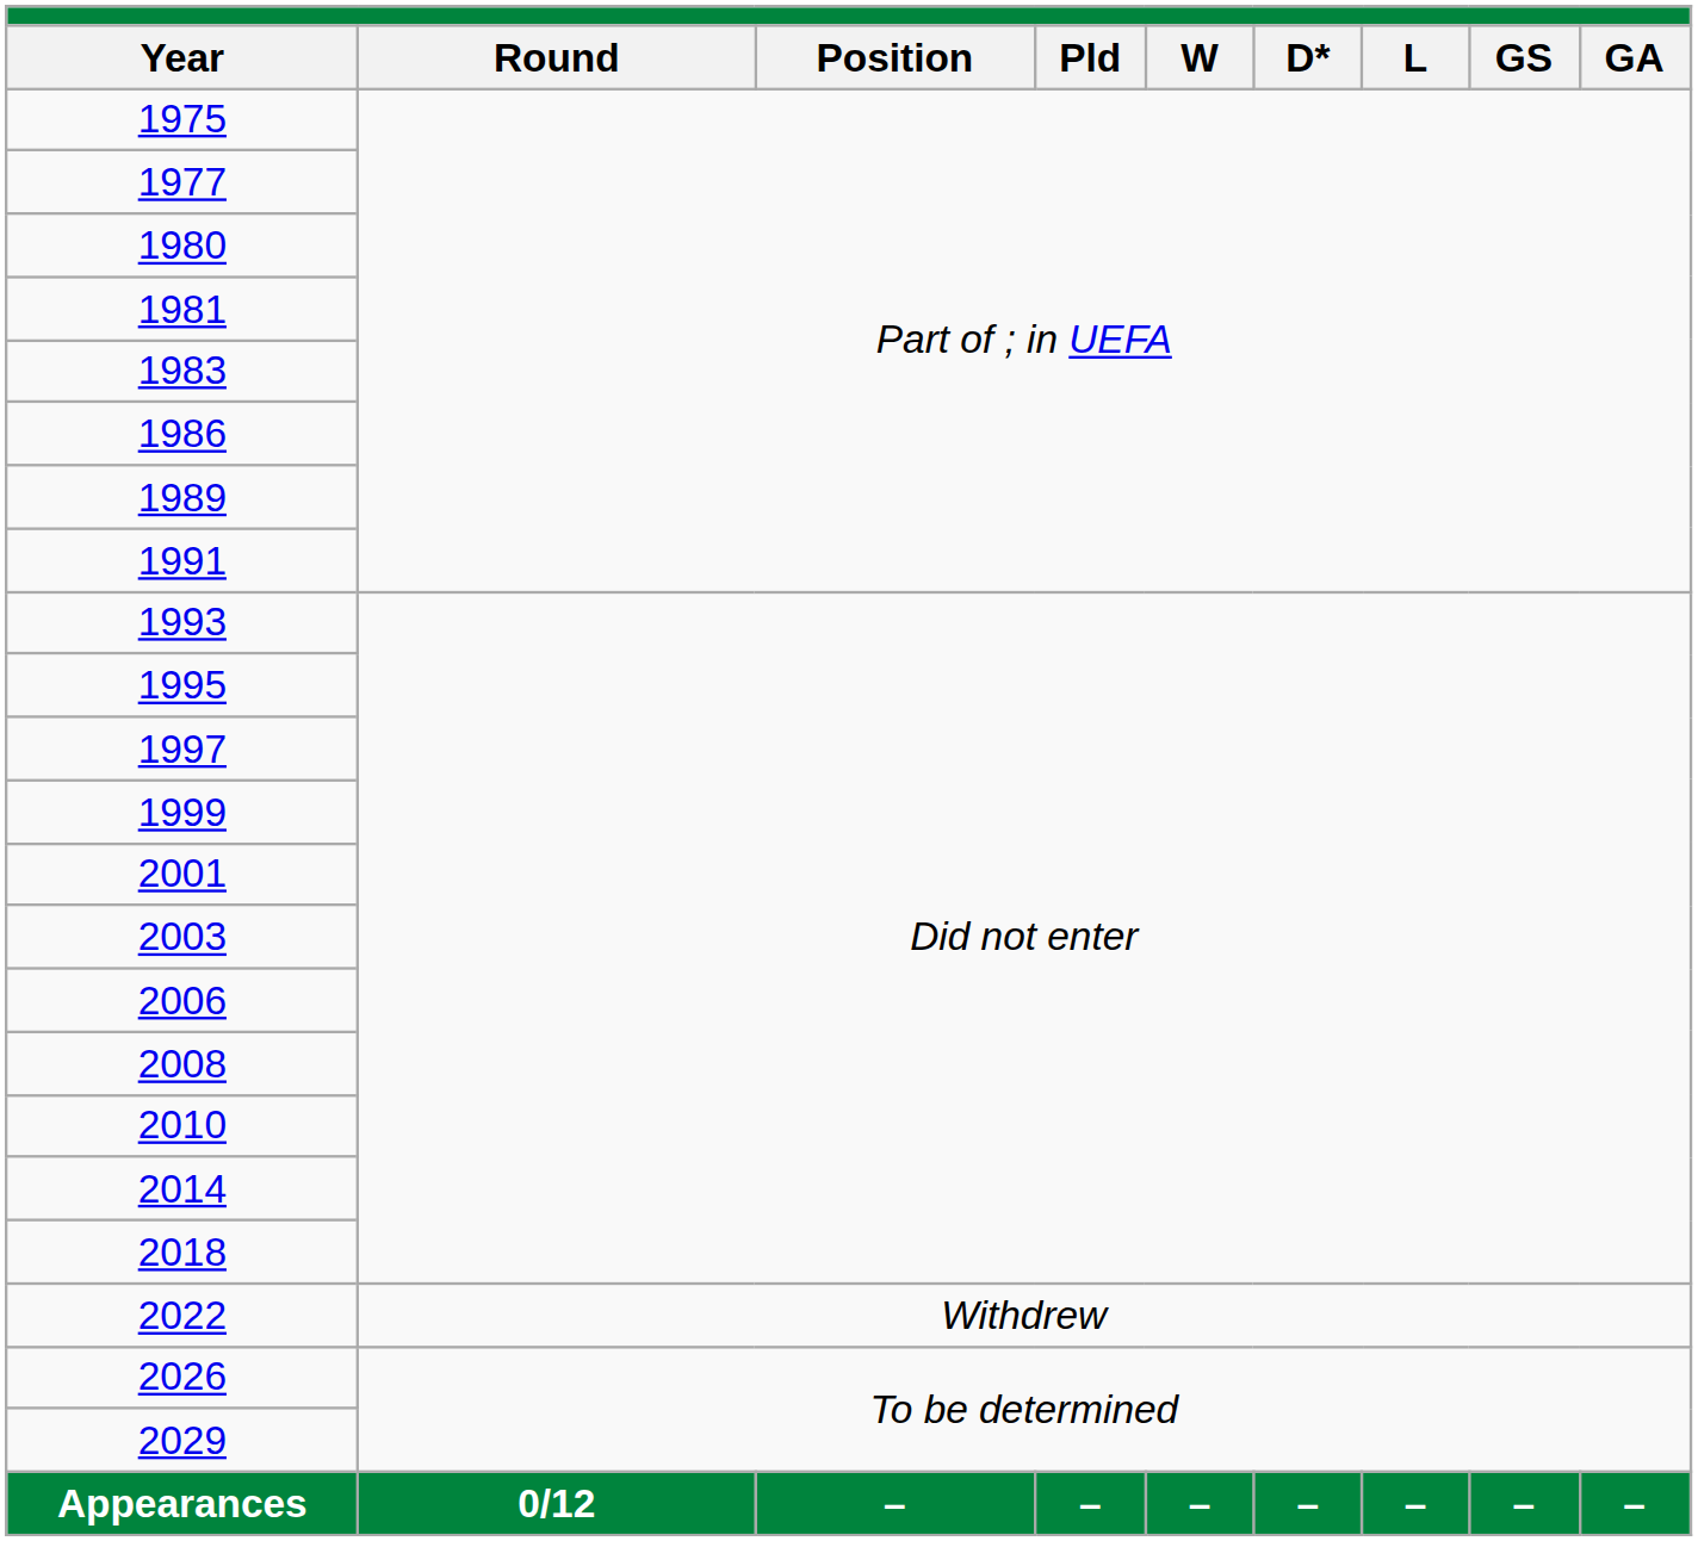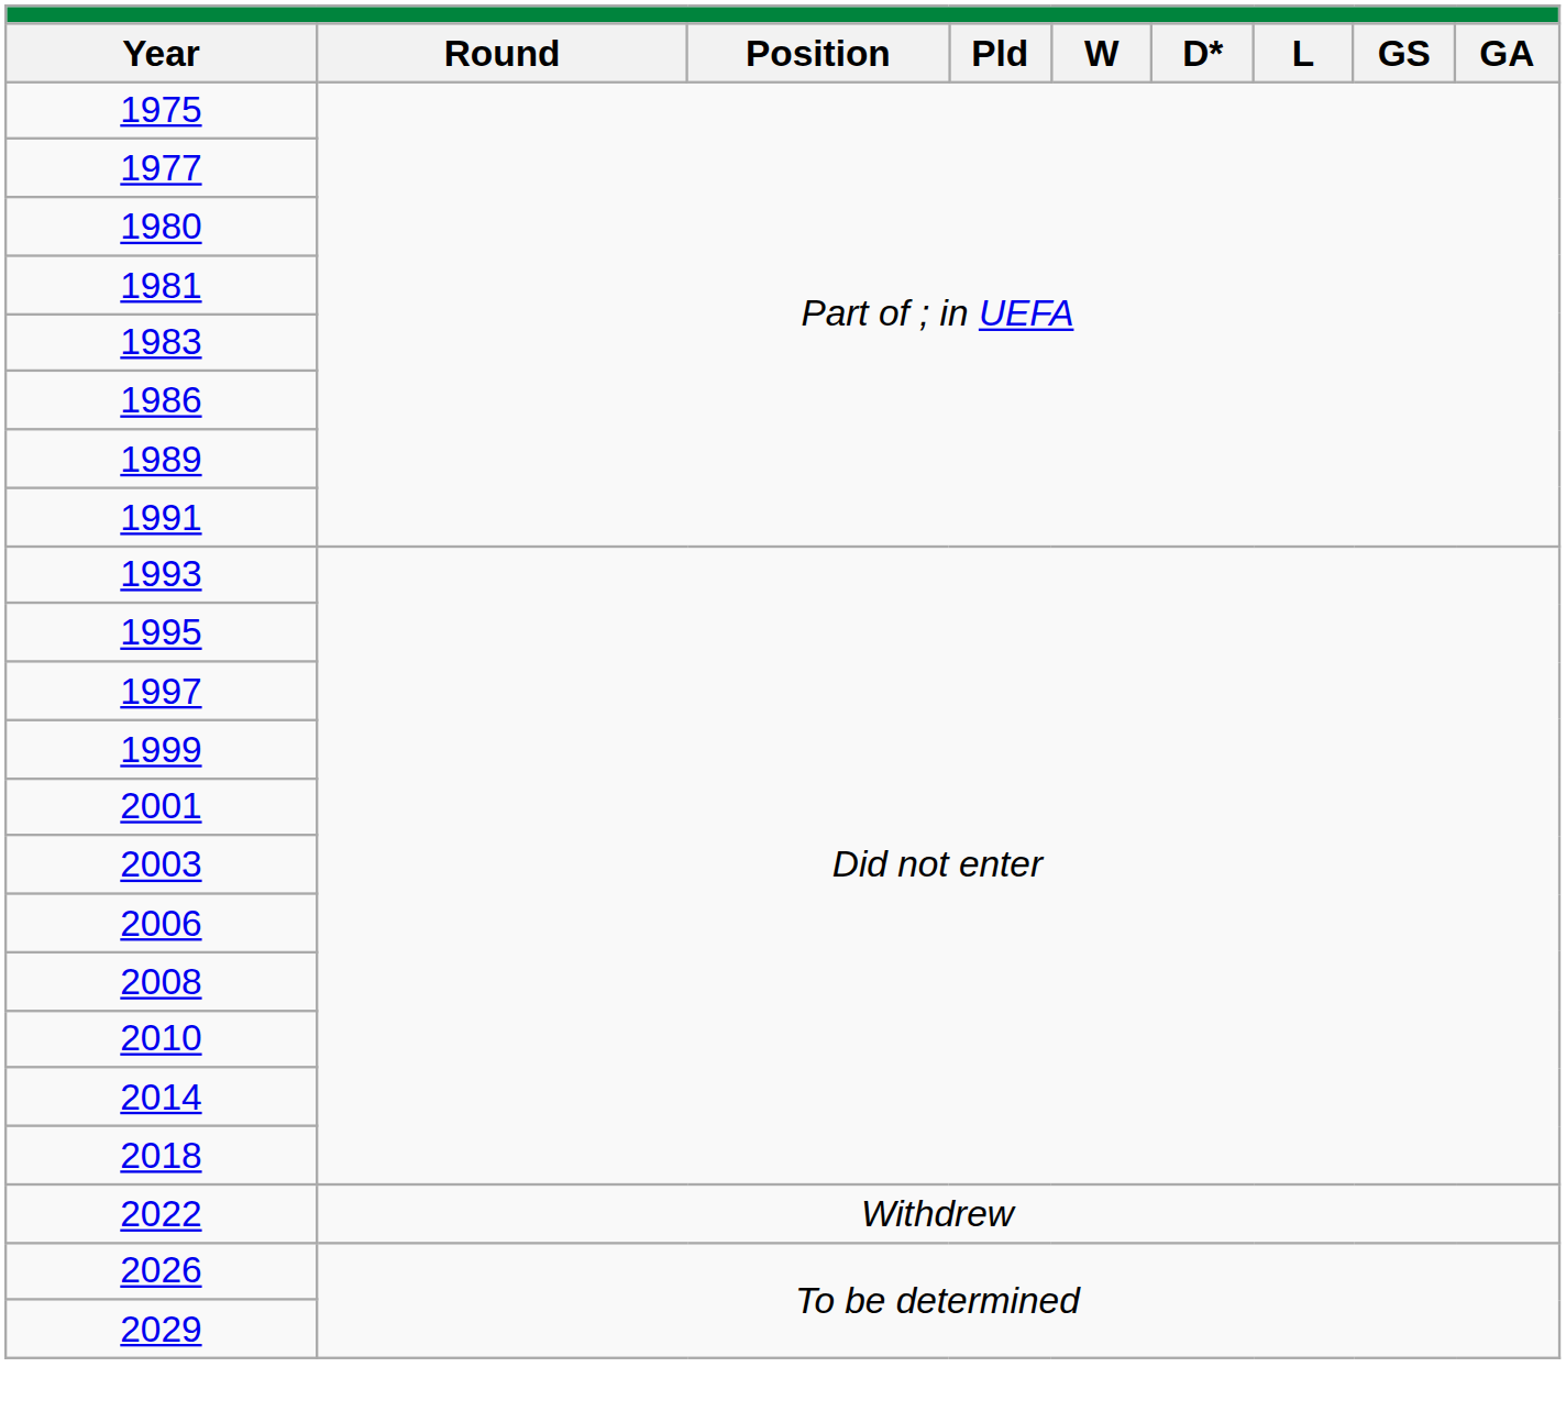 <table class="wikitable" style="text-align: center;font-size:90%;">
 <tr>
 <th colspan="9" style="background: #00843D; color: #FFFFFF;"><a href='#'></a></th>
 </tr>
 <tr>
 <th width=125>Year</th>
 <th width=150>Round</th>
 <th width=100>Position</th>
 <th width=35>Pld</th>
 <th width=35>W</th>
 <th width=35>D*</th>
 <th width=35>L</th>
 <th width=35>GS</th>
 <th width=35>GA</th>
 </tr>
 <tr>
 <td> <a href='#'>1975</a></td>
 <td colspan="8" rowspan="8"><em>Part of ; in <a href='#'>UEFA</a></em></td>
 </tr>
 <tr>
 <td> <a href='#'>1977</a></td>
 </tr>
 <tr>
 <td> <a href='#'>1980</a></td>
 </tr>
 <tr>
 <td> <a href='#'>1981</a></td>
 </tr>
 <tr>
 <td> <a href='#'>1983</a></td>
 </tr>
 <tr>
 <td> <a href='#'>1986</a></td>
 </tr>
 <tr>
 <td> <a href='#'>1989</a></td>
 </tr>
 <tr>
 <td> <a href='#'>1991</a></td>
 </tr>
 <tr>
 <td> <a href='#'>1993</a></td>
 <td colspan="8" rowspan="11"><em>Did not enter</em></td>
 </tr>
 <tr>
 <td> <a href='#'>1995</a></td>
 </tr>
 <tr>
 <td> <a href='#'>1997</a></td>
 </tr>
 <tr>
 <td> <a href='#'>1999</a></td>
 </tr>
 <tr>
 <td> <a href='#'>2001</a></td>
 </tr>
 <tr>
 <td> <a href='#'>2003</a></td>
 </tr>
 <tr>
 <td> <a href='#'>2006</a></td>
 </tr>
 <tr>
 <td> <a href='#'>2008</a></td>
 </tr>
 <tr>
 <td> <a href='#'>2010</a></td>
 </tr>
 <tr>
 <td> <a href='#'>2014</a></td>
 </tr>
 <tr>
 <td> <a href='#'>2018</a></td>
 </tr>
 <tr>
 <td> <a href='#'>2022</a></td>
 <td colspan="8"><em>Withdrew</em></td>
 </tr>
 <tr>
 <td> <a href='#'>2026</a></td>
 <td colspan="8" rowspan="2"><em>To be determined</em></td>
 </tr>
 <tr>
 <td> <a href='#'>2029</a></td>
 </tr>
-<tr>
-<td colspan=1 style="background: #00843D; color: #FFFFFF;"><strong>Appearances</strong></td>
-<td style="background: #00843D; color: #FFFFFF;"><strong>0/12</strong></td>
-<td style="background: #00843D; color: #FFFFFF;"><strong>–</strong></td>
-<td style="background: #00843D; color: #FFFFFF;"><strong>–</strong></td>
-<td style="background: #00843D; color: #FFFFFF;"><strong>–</strong></td>
-<td style="background: #00843D; color: #FFFFFF;"><strong>–</strong></td>
-<td style="background: #00843D; color: #FFFFFF;"><strong>–</strong></td>
-<td style="background: #00843D; color: #FFFFFF;"><strong>–</strong></td>
-<td style="background: #00843D; color: #FFFFFF;"><strong>–</strong></td>
-</tr>
 </table>
